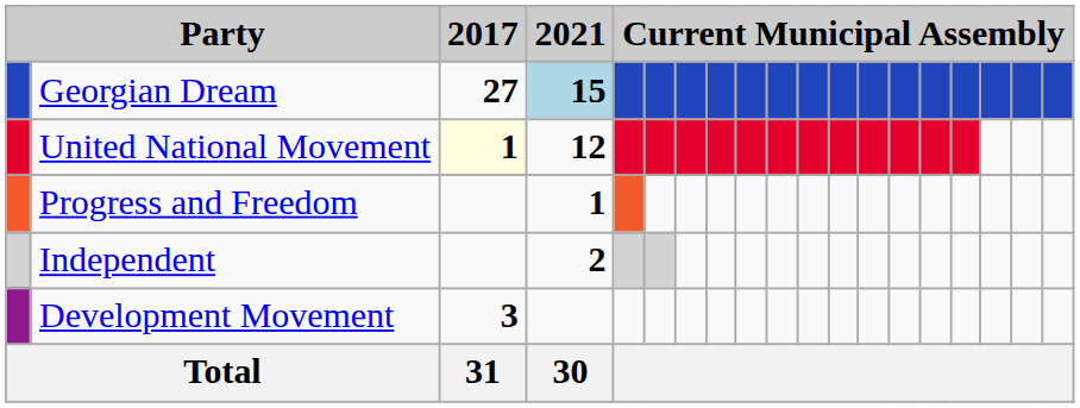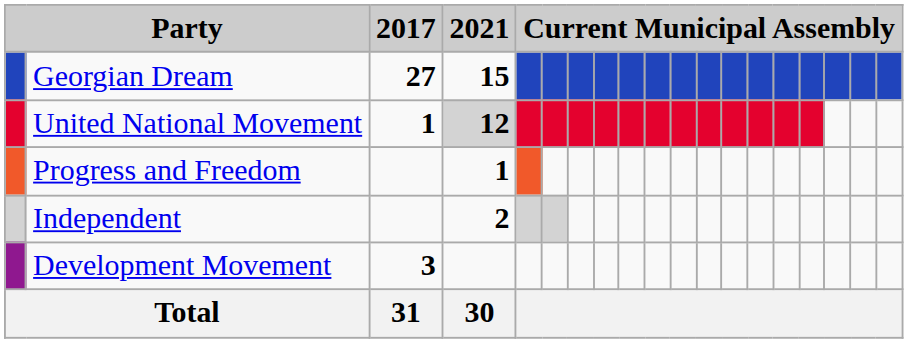 <table class="wikitable">
 <tr>
 <th style="background:#ccc" colspan="2">Party</th>
 <th style="background:#ccc">2017</th>
 <th style="background:#ccc">2021</th>
 <th style="background:#ccc" colspan="45">Current Municipal Assembly</th>
 </tr>
 <tr>
 <td style="background-color: #2044bc"> </td>
 <td><a href='#'>Georgian Dream</a></td>
 <td style="text-align: right"><strong>27</strong></td>
-<td style="background: lightblue; text-align: right"><strong>15</strong></td>
+<td style="text-align: right"><strong>15</strong></td>
 <td style="background-color: #2044bc"> </td>
 <td style="background-color: #2044bc"> </td>
 <td style="background-color: #2044bc"> </td>
 <td style="background-color: #2044bc"> </td>
 <td style="background-color: #2044bc"> </td>
 <td style="background-color: #2044bc"> </td>
 <td style="background-color: #2044bc"> </td>
 <td style="background-color: #2044bc"> </td>
 <td style="background-color: #2044bc"> </td>
 <td style="background-color: #2044bc"> </td>
 <td style="background-color: #2044bc"> </td>
 <td style="background-color: #2044bc"> </td>
 <td style="background-color: #2044bc"> </td>
 <td style="background-color: #2044bc"> </td>
 <td style="background-color: #2044bc"> </td>
 </tr>
 <tr>
 <td style="background-color: #e4012e"> </td>
 <td><a href='#'>United National Movement</a></td>
-<td style="background: lightyellow; text-align: right"><strong>1</strong></td>
-<td style="text-align: right"><strong>12</strong></td>
+<td style="text-align: right"><strong>1</strong></td>
+<td style="background: lightgrey; text-align: right"><strong>12</strong></td>
 <td style="background-color: #e4012e"></td>
 <td style="background-color: #e4012e"> </td>
 <td style="background-color: #e4012e"> </td>
 <td style="background-color: #e4012e"> </td>
 <td style="background-color: #e4012e"> </td>
 <td style="background-color: #e4012e"> </td>
 <td style="background-color: #e4012e"> </td>
 <td style="background-color: #e4012e"> </td>
 <td style="background-color: #e4012e"> </td>
 <td style="background-color: #e4012e"> </td>
 <td style="background-color: #e4012e"> </td>
 <td style="background-color: #e4012e"> </td>
 <td></td>
 <td></td>
 <td></td>
 </tr>
 <tr>
 <td style="background-color: #f1592a"> </td>
 <td><a href='#'>Progress and Freedom</a></td>
 <td></td>
 <td style="text-align: right"><strong>1</strong></td>
 <td style="background-color: #f1592a"> </td>
 <td></td>
 <td></td>
 <td></td>
 <td></td>
 <td></td>
 <td></td>
 <td></td>
 <td></td>
 <td></td>
 <td></td>
 <td></td>
 <td></td>
 <td></td>
 <td></td>
 </tr>
 <tr>
 <td style="background-color: lightgrey"> </td>
 <td><a href='#'>Independent</a></td>
 <td></td>
 <td style="text-align: right"><strong>2</strong></td>
 <td style="background-color: lightgrey"> </td>
 <td style="background-color: lightgrey"> </td>
 <td></td>
 <td></td>
 <td></td>
 <td></td>
 <td></td>
 <td></td>
 <td></td>
 <td></td>
 <td></td>
 <td></td>
 <td></td>
 <td></td>
 <td></td>
 </tr>
 <tr>
 <td style="background-color: #8f188f"> </td>
 <td><a href='#'>Development Movement</a></td>
 <td style="text-align: right"><strong>3</strong></td>
 <td></td>
 <td></td>
 <td></td>
 <td></td>
 <td></td>
 <td></td>
 <td></td>
 <td></td>
 <td></td>
 <td></td>
 <td></td>
 <td></td>
 <td></td>
 <td></td>
 <td></td>
 <td></td>
 </tr>
 <tr>
 <th colspan=2>Total</th>
 <th align=right>31</th>
 <th align=right>30</th>
 <th colspan=45> </th>
 </tr>
 </table>
